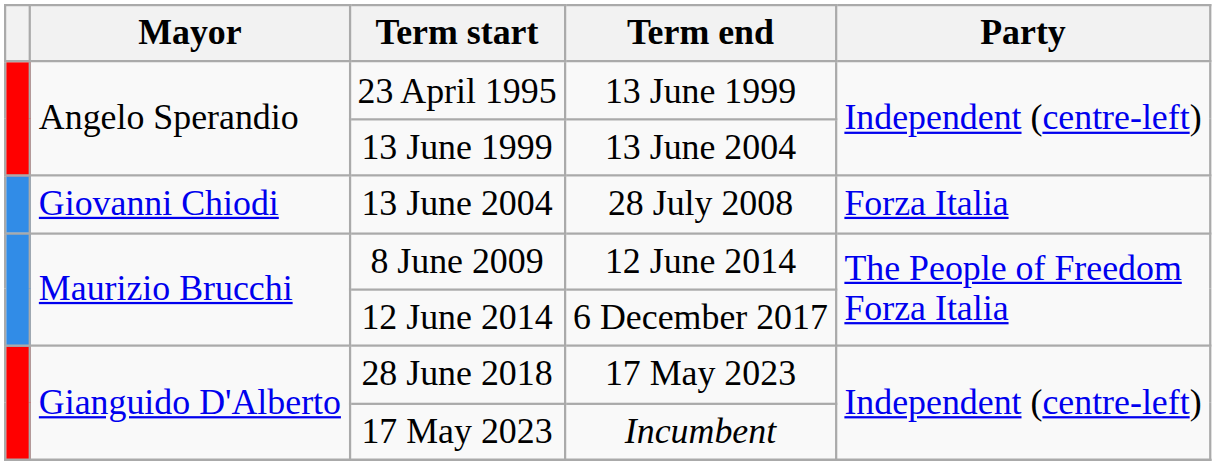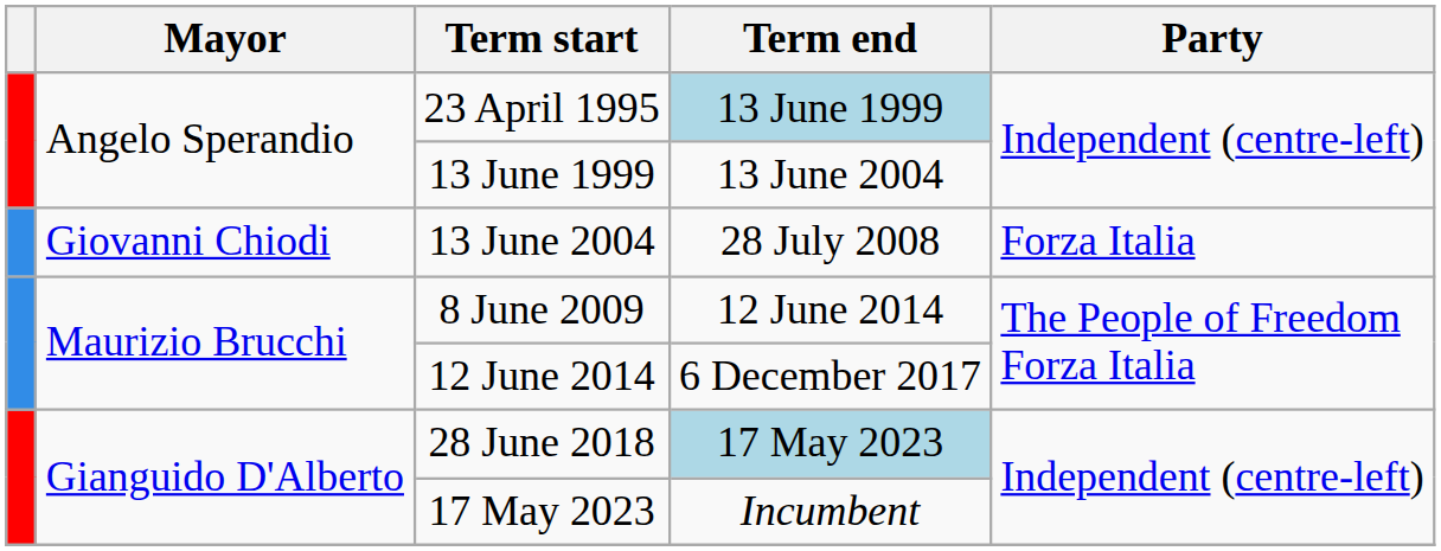 <table class="wikitable">
 <tr>
 <th class=unsortable> </th>
 <th>Mayor</th>
 <th>Term start</th>
 <th>Term end</th>
 <th>Party</th>
 </tr>
 <tr>
 <th rowspan=2 style="background:#FF0000;"></th>
 <td rowspan=2>Angelo Sperandio</td>
 <td align=center>23 April 1995</td>
-<td align=center>13 June 1999</td>
+<td align=center style="background: lightblue;">13 June 1999</td>
 <td rowspan=2><a href='#'>Independent</a> (<a href='#'>centre-left</a>)</td>
 </tr>
 <tr>
 <td align=center>13 June 1999</td>
 <td align=center>13 June 2004</td>
 </tr>
 <tr>
 <th style="background:#318CE7;"></th>
 <td><a href='#'>Giovanni Chiodi</a></td>
 <td align=center>13 June 2004</td>
 <td align=center>28 July 2008</td>
 <td><a href='#'>Forza Italia</a></td>
 </tr>
 <tr>
 <th rowspan=2 style="background:#318CE7;"></th>
 <td rowspan=2><a href='#'>Maurizio Brucchi</a></td>
 <td align=center>8 June 2009</td>
 <td align=center>12 June 2014</td>
 <td rowspan=2><a href='#'>The People of Freedom</a><br><a href='#'>Forza Italia</a></td>
 </tr>
 <tr>
 <td align=center>12 June 2014</td>
 <td align=center>6 December 2017</td>
 </tr>
 <tr>
 <th rowspan=2 style="background:#FF0000;"></th>
 <td rowspan=2><a href='#'>Gianguido D'Alberto</a></td>
 <td align=center>28 June 2018</td>
-<td align=center>17 May 2023</td>
+<td align=center style="background: lightblue;">17 May 2023</td>
 <td rowspan=2><a href='#'>Independent</a> (<a href='#'>centre-left</a>)</td>
 </tr>
 <tr>
 <td align=center>17 May 2023</td>
 <td align=center><em>Incumbent</em></td>
 </tr>
 <tr>
 </tr>
 </table>
